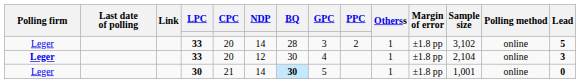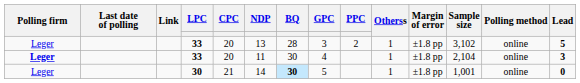 <table class="wikitable sortable mw-datatable" style="text-align:center;font-size:90%;line-height:14px;">
 <tr style="height:40px;">
 <th style="width:105px;" rowspan="2">Polling firm</th>
 <th style="width:105px;" rowspan="2">Last date<br>of polling</th>
 <th rowspan="2">Link</th>
 <th class="unsortable" style="width:40px;"><a href='#'>LPC</a></th>
 <th class="unsortable" style="width:40px;"><a href='#'>CPC</a></th>
 <th class="unsortable" style="width:40px;"><a href='#'>NDP</a></th>
 <th class="unsortable" style="width:40px;"><a href='#'>BQ</a></th>
 <th class="unsortable" style="width:40px;"><a href='#'>GPC</a></th>
 <th class="unsortable" style="width:40px;"><a href='#'>PPC</a></th>
 <th rowspan="2" style="width:40px"><a href='#'>Others</a>s</th>
 <th rowspan="2">Margin<br>of error</th>
 <th rowspan="2">Sample<br>size</th>
 <th rowspan="2">Polling method</th>
 <th rowspan="2">Lead</th>
 </tr>
 <tr>
 <th style="background:"></th>
 <th style="background:"></th>
 <th style="background:"></th>
 <th style="background:"></th>
 <th style="background:"></th>
 <th style="background:"></th>
 </tr>
 <tr>
 <td><a href='#'>Leger</a></td>
 <td></td>
 <td></td>
 <td><strong>33</strong></td>
 <td>20</td>
-<td>14</td>
+<td>13</td>
 <td>28</td>
 <td>3</td>
 <td>2</td>
 <td>1</td>
 <td>±1.8 pp</td>
 <td>3,102</td>
 <td>online</td>
 <td><strong>5</strong></td>
 </tr>
 <tr>
 <td><strong><a href='#'>Leger</a></strong></td>
 <td></td>
 <td></td>
 <td><strong>33</strong></td>
 <td>20</td>
-<td>12</td>
+<td>11</td>
 <td>30</td>
 <td>4</td>
 <td></td>
 <td>1</td>
 <td>±1.8 pp</td>
 <td>2,104</td>
 <td>online</td>
 <td><strong>3</strong></td>
 </tr>
 <tr>
 <td><a href='#'>Leger</a></td>
 <td></td>
 <td></td>
 <td><strong>30</strong></td>
 <td>21</td>
 <td>14</td>
 <td style="background:#C4E8FD;"><strong>30</strong></td>
 <td>5</td>
 <td></td>
 <td>1</td>
 <td>±1.8 pp</td>
 <td>1,001</td>
 <td>online</td>
 <td><strong>0</strong></td>
 </tr>
 </table>
